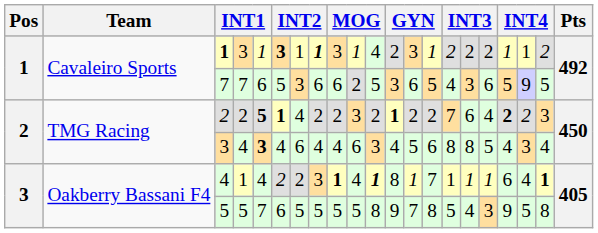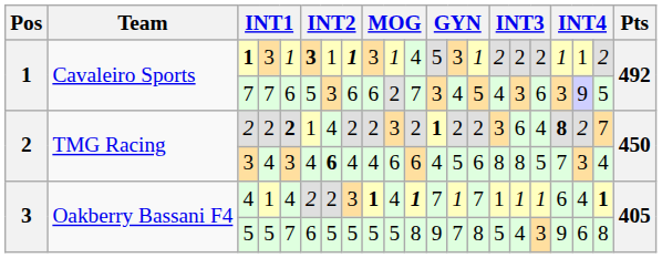 <table class="wikitable" style="font-size: 85%; text-align:center">
 <tr>
 <th>Pos</th>
 <th>Team</th>
 <th colspan=3><a href='#'>INT1</a></th>
 <th colspan=3><a href='#'>INT2</a></th>
 <th colspan=3><a href='#'>MOG</a></th>
 <th colspan=3><a href='#'>GYN</a></th>
 <th colspan=3><a href='#'>INT3</a></th>
 <th colspan=3><a href='#'>INT4</a></th>
 <th>Pts</th>
 </tr>
 <tr>
 <th rowspan=2>1</th>
 <td rowspan=2 style="text-align:left"><a href='#'>Cavaleiro Sports</a></td>
 <td style="background:#FFFFBF"><strong>1</strong></td>
 <td style="background:#FFDF9F">3</td>
 <td style="background:#FFFFBF"><em>1</em></td>
 <td style="background:#FFDF9F"><strong>3</strong></td>
 <td style="background:#FFFFBF">1</td>
 <td style="background:#FFFFBF"><strong><em>1</em></strong></td>
 <td style="background:#FFDF9F">3</td>
 <td style="background:#FFFFBF"><em>1</em></td>
 <td style="background:#DFFFDF">4</td>
-<td style="background:#DFDFDF">2</td>
+<td style="background:#DFDFDF">5</td>
 <td style="background:#FFDF9F">3</td>
 <td style="background:#FFFFBF"><em>1</em></td>
 <td style="background:#DFDFDF"><em>2</em></td>
 <td style="background:#DFDFDF">2</td>
 <td style="background:#DFDFDF">2</td>
 <td style="background:#FFFFBF"><em>1</em></td>
 <td style="background:#FFFFBF">1</td>
 <td style="background:#DFDFDF"><em>2</em></td>
 <th rowspan=2>492</th>
 </tr>
 <tr>
 <td style="background:#DFFFDF">7</td>
 <td style="background:#DFFFDF">7</td>
 <td style="background:#DFFFDF">6</td>
 <td style="background:#DFFFDF">5</td>
 <td style="background:#FFDF9F">3</td>
 <td style="background:#DFFFDF">6</td>
 <td style="background:#DFFFDF">6</td>
 <td style="background:#DFDFDF">2</td>
-<td style="background:#DFFFDF">5</td>
+<td style="background:#DFFFDF">7</td>
 <td style="background:#FFDF9F">3</td>
-<td style="background:#DFFFDF">6</td>
+<td style="background:#DFFFDF">4</td>
 <td style="background:#FFDF9F">5</td>
 <td style="background:#DFFFDF">4</td>
 <td style="background:#FFDF9F">3</td>
 <td style="background:#DFFFDF">6</td>
-<td style="background:#FFDF9F">5</td>
+<td style="background:#FFDF9F">3</td>
 <td style="background:#CFCFFF">9</td>
 <td style="background:#DFFFDF">5</td>
 </tr>
 <tr>
 <th rowspan=2>2</th>
 <td rowspan=2 style="text-align:left"><a href='#'>TMG Racing</a></td>
 <td style="background:#DFDFDF"><em>2</em></td>
 <td style="background:#DFDFDF">2</td>
-<td style="background:#DFDFDF"><strong>5</strong></td>
-<td style="background:#FFFFBF"><strong>1</strong></td>
+<td style="background:#DFDFDF"><strong>2</strong></td>
+<td style="background:#FFFFBF">1</td>
 <td style="background:#DFFFDF">4</td>
 <td style="background:#DFDFDF">2</td>
 <td style="background:#DFDFDF">2</td>
 <td style="background:#FFDF9F">3</td>
 <td style="background:#DFDFDF">2</td>
 <td style="background:#FFFFBF"><strong>1</strong></td>
 <td style="background:#DFDFDF">2</td>
 <td style="background:#DFDFDF">2</td>
-<td style="background:#FFDF9F">7</td>
+<td style="background:#FFDF9F">3</td>
 <td style="background:#DFFFDF">6</td>
 <td style="background:#DFFFDF">4</td>
-<td style="background:#DFDFDF"><strong>2</strong></td>
+<td style="background:#DFDFDF"><strong>8</strong></td>
 <td style="background:#DFDFDF"><em>2</em></td>
-<td style="background:#FFDF9F">3</td>
+<td style="background:#FFDF9F">7</td>
 <th rowspan=2>450</th>
 </tr>
 <tr>
 <td style="background:#FFDF9F">3</td>
 <td style="background:#DFFFDF">4</td>
-<td style="background:#FFDF9F"><strong>3</strong></td>
+<td style="background:#FFDF9F">3</td>
 <td style="background:#DFFFDF">4</td>
-<td style="background:#DFFFDF">6</td>
+<td style="background:#DFFFDF"><strong>6</strong></td>
 <td style="background:#DFFFDF">4</td>
 <td style="background:#DFFFDF">4</td>
 <td style="background:#DFFFDF">6</td>
-<td style="background:#FFDF9F">3</td>
+<td style="background:#FFDF9F">6</td>
 <td style="background:#DFFFDF">4</td>
 <td style="background:#DFFFDF">5</td>
 <td style="background:#DFFFDF">6</td>
 <td style="background:#DFFFDF">8</td>
 <td style="background:#DFFFDF">8</td>
 <td style="background:#DFFFDF">5</td>
-<td style="background:#DFFFDF">4</td>
+<td style="background:#DFFFDF">7</td>
 <td style="background:#FFDF9F">3</td>
 <td style="background:#DFFFDF">4</td>
 </tr>
 <tr>
 <th rowspan=2>3</th>
 <td rowspan=2 style="text-align:left"><a href='#'>Oakberry Bassani F4</a></td>
 <td style="background:#DFFFDF">4</td>
 <td style="background:#FFFFBF">1</td>
 <td style="background:#DFFFDF">4</td>
 <td style="background:#DFDFDF"><em>2</em></td>
 <td style="background:#DFDFDF">2</td>
 <td style="background:#FFDF9F">3</td>
 <td style="background:#FFFFBF"><strong>1</strong></td>
 <td style="background:#DFFFDF">4</td>
 <td style="background:#FFFFBF"><strong><em>1</em></strong></td>
-<td style="background:#DFFFDF">8</td>
+<td style="background:#DFFFDF">7</td>
 <td style="background:#FFFFBF"><em>1</em></td>
 <td style="background:#DFFFDF">7</td>
 <td style="background:#FFFFBF">1</td>
 <td style="background:#FFFFBF"><em>1</em></td>
 <td style="background:#FFFFBF"><em>1</em></td>
 <td style="background:#DFFFDF">6</td>
 <td style="background:#DFFFDF">4</td>
 <td style="background:#FFFFBF"><strong>1</strong></td>
 <th rowspan=2>405</th>
 </tr>
 <tr>
 <td style="background:#DFFFDF">5</td>
 <td style="background:#DFFFDF">5</td>
 <td style="background:#DFFFDF">7</td>
 <td style="background:#DFFFDF">6</td>
 <td style="background:#DFFFDF">5</td>
 <td style="background:#DFFFDF">5</td>
 <td style="background:#DFFFDF">5</td>
 <td style="background:#DFFFDF">5</td>
 <td style="background:#DFFFDF">8</td>
 <td style="background:#DFFFDF">9</td>
 <td style="background:#DFFFDF">7</td>
 <td style="background:#DFFFDF">8</td>
 <td style="background:#DFFFDF">5</td>
 <td style="background:#DFFFDF">4</td>
 <td style="background:#FFDF9F">3</td>
 <td style="background:#DFFFDF">9</td>
-<td style="background:#DFFFDF">5</td>
+<td style="background:#DFFFDF">6</td>
 <td style="background:#DFFFDF">8</td>
 </tr>
 </table>
